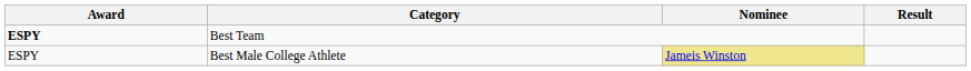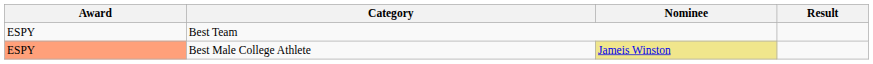 <table class="wikitable" style="width:95%;">
 <tr>
 <th style="width:20%;">Award</th>
 <th style="width:45%;">Category</th>
 <th style="width:20%;">Nominee</th>
 <th style="width:10%;">Result</th>
 </tr>
 <tr>
-<td><strong>ESPY</strong></td>
+<td>ESPY</td>
 <td colspan="2">Best Team</td>
 <td></td>
 </tr>
 <tr>
-<td>ESPY</td>
+<td style="background: lightsalmon;">ESPY</td>
 <td>Best Male College Athlete</td>
 <td style="background: khaki;"><a href='#'>Jameis Winston</a></td>
 <td></td>
 </tr>
 </table>
